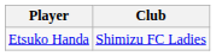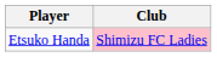 <table class="wikitable">
 <tr>
 <th>Player</th>
 <th>Club</th>
 </tr>
 <tr>
 <td> <a href='#'>Etsuko Handa</a></td>
-<td><a href='#'>Shimizu FC Ladies</a></td>
+<td style="background: pink;"><a href='#'>Shimizu FC Ladies</a></td>
 </tr>
 </table>
